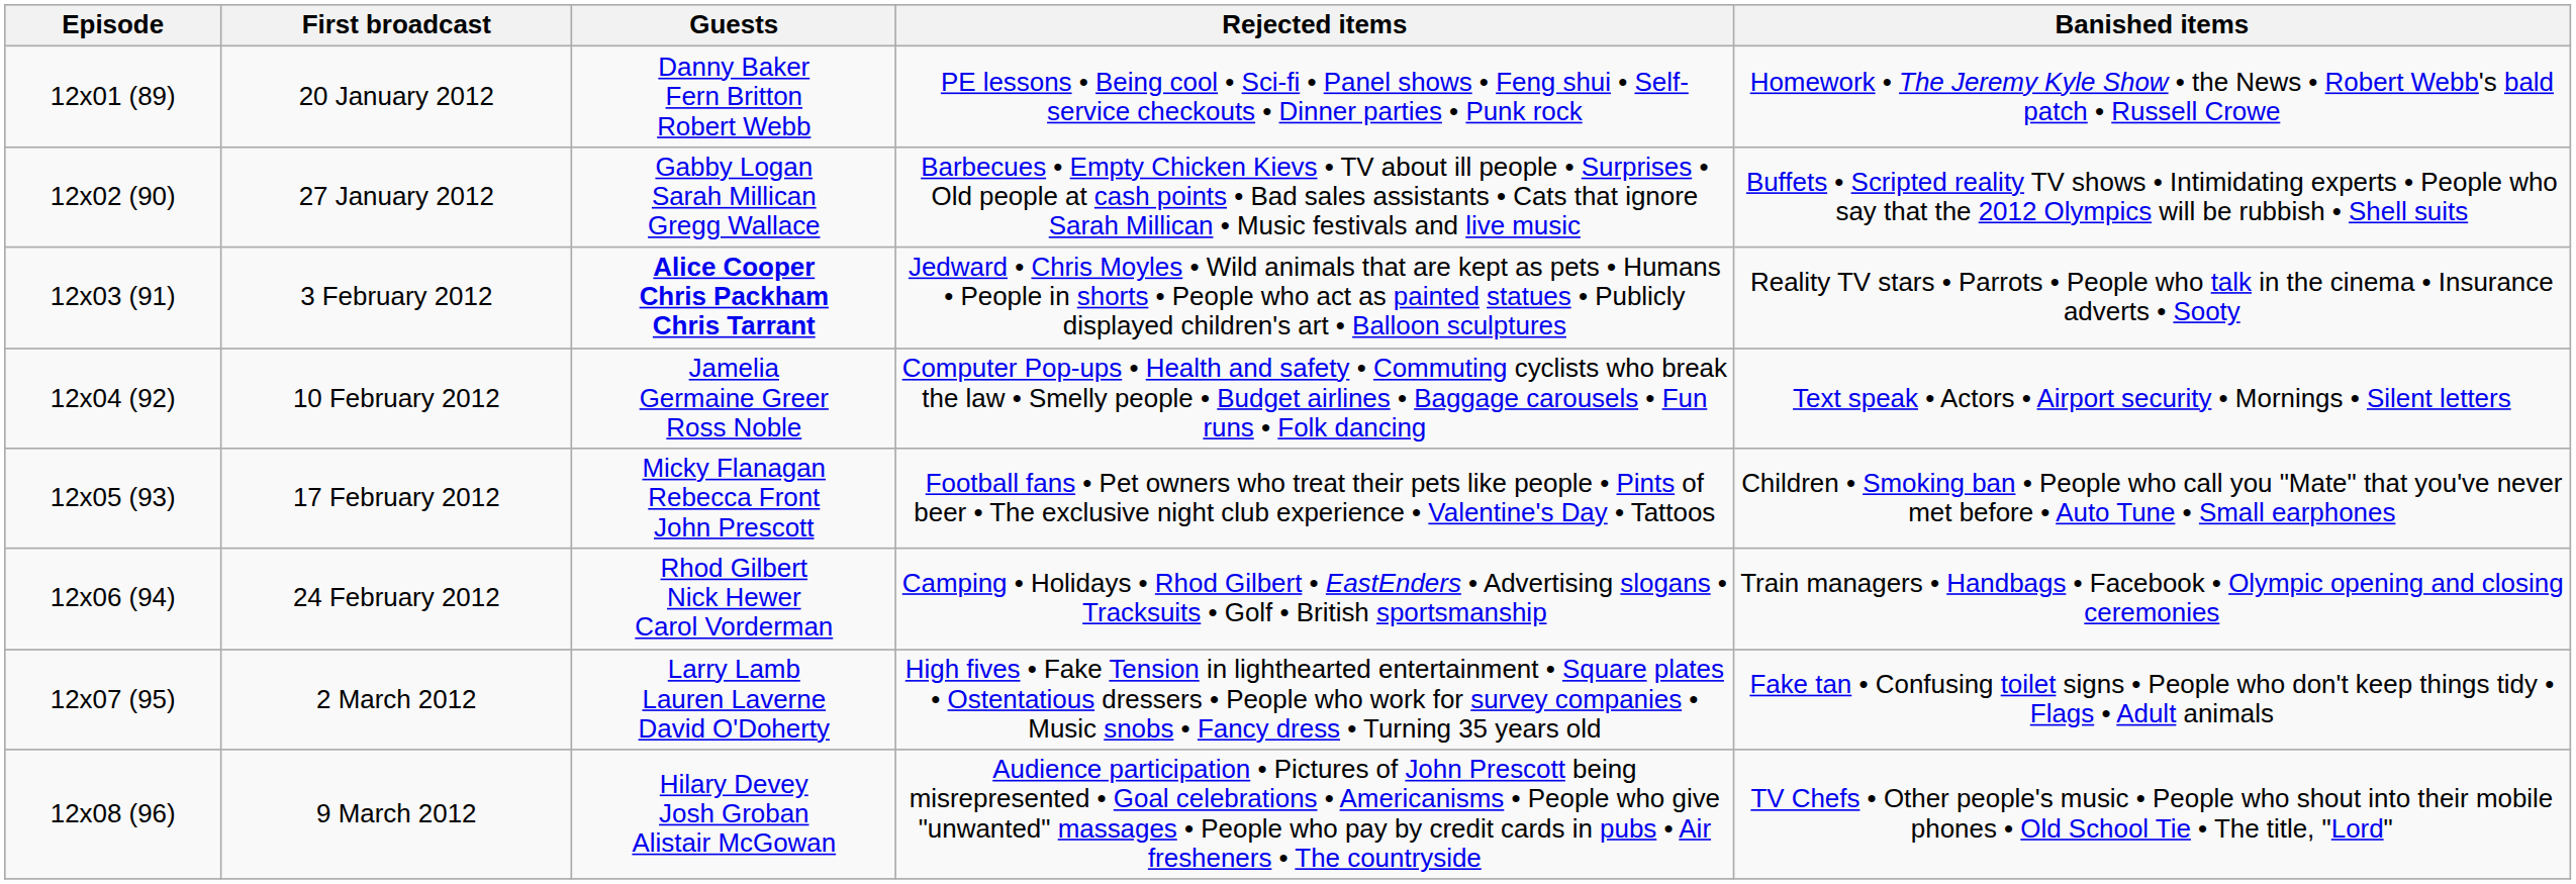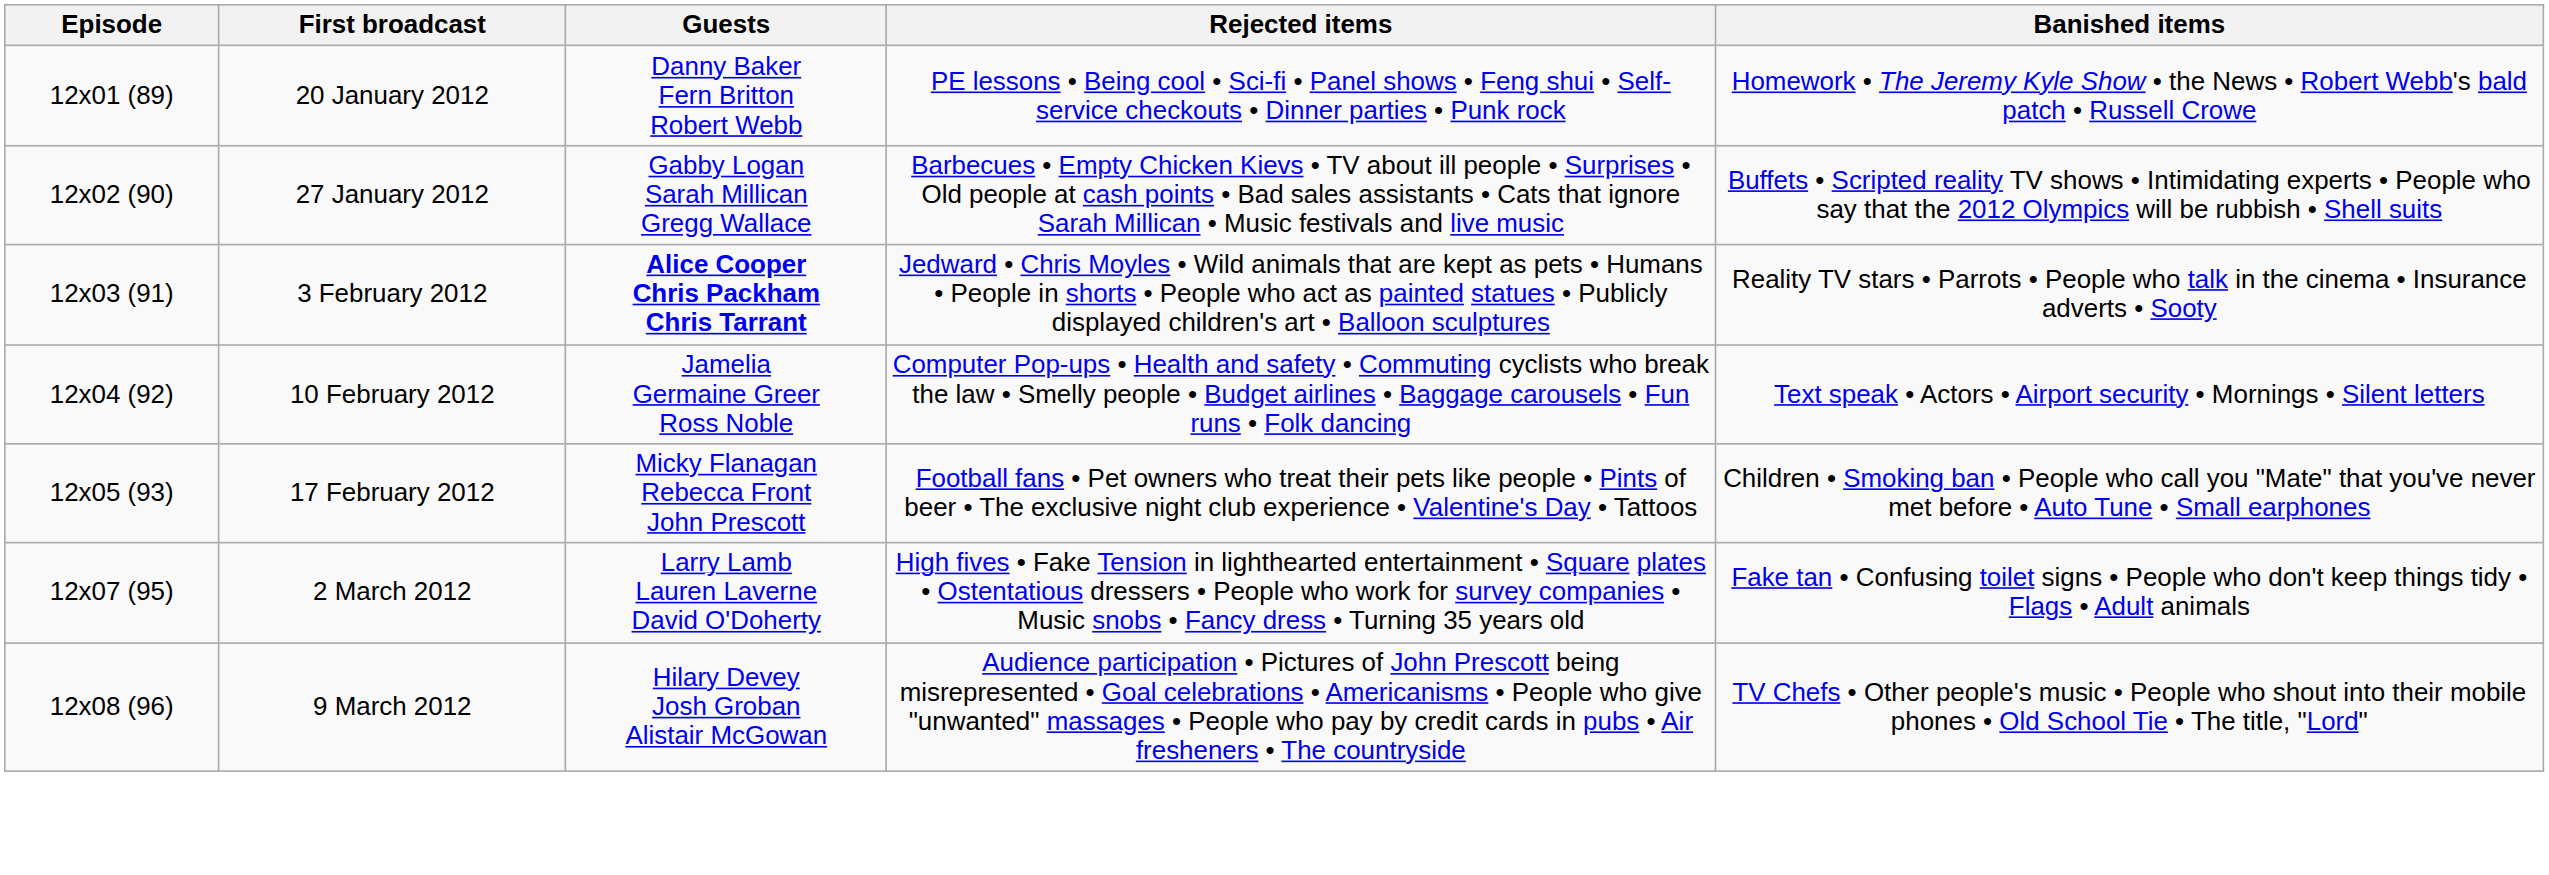 <table class="wikitable"  style="width:99%; left:0 auto; text-align:center;">
 <tr>
 <th style="width:8%;">Episode</th>
 <th style="width:13%;">First broadcast</th>
 <th style="width:12%;">Guests</th>
 <th style="width:31%;">Rejected items</th>
 <th style="width:31%;">Banished items</th>
 </tr>
 <tr>
 <td>12x01 (89)</td>
 <td>20 January 2012</td>
 <td><a href='#'>Danny Baker</a><br><a href='#'>Fern Britton</a><br><a href='#'>Robert Webb</a></td>
 <td><a href='#'>PE lessons</a> • <a href='#'>Being cool</a> • <a href='#'>Sci-fi</a> • <a href='#'>Panel shows</a> • <a href='#'>Feng shui</a> • <a href='#'>Self-service checkouts</a> • <a href='#'>Dinner parties</a> • <a href='#'>Punk rock</a></td>
 <td><a href='#'>Homework</a> • <em><a href='#'>The Jeremy Kyle Show</a></em> • the News • <a href='#'>Robert Webb</a>'s <a href='#'>bald patch</a> • <a href='#'>Russell Crowe</a></td>
 </tr>
 <tr>
 <td>12x02 (90)</td>
 <td>27 January 2012</td>
 <td><a href='#'>Gabby Logan</a><br><a href='#'>Sarah Millican</a><br><a href='#'>Gregg Wallace</a></td>
 <td><a href='#'>Barbecues</a> • <a href='#'>Empty Chicken Kievs</a> • TV about ill people • <a href='#'>Surprises</a> • Old people at <a href='#'>cash points</a> • Bad sales assistants • Cats that ignore <a href='#'>Sarah Millican</a> • Music festivals and <a href='#'>live music</a></td>
 <td><a href='#'>Buffets</a> • <a href='#'>Scripted reality</a> TV shows • Intimidating experts • People who say that the <a href='#'>2012 Olympics</a> will be rubbish • <a href='#'>Shell suits</a></td>
 </tr>
 <tr>
 <td>12x03 (91)</td>
 <td>3 February 2012</td>
 <td><strong><a href='#'>Alice Cooper</a><br><a href='#'>Chris Packham</a><br><a href='#'>Chris Tarrant</a></strong></td>
 <td><a href='#'>Jedward</a> • <a href='#'>Chris Moyles</a> • Wild animals that are kept as pets • Humans • People in <a href='#'>shorts</a> • People who act as <a href='#'>painted</a> <a href='#'>statues</a> • Publicly displayed children's art • <a href='#'>Balloon sculptures</a></td>
 <td>Reality TV stars • Parrots • People who <a href='#'>talk</a> in the cinema • Insurance adverts • <a href='#'>Sooty</a></td>
 </tr>
 <tr>
 <td>12x04 (92)</td>
 <td>10 February 2012</td>
 <td><a href='#'>Jamelia</a><br><a href='#'>Germaine Greer</a><br><a href='#'>Ross Noble</a></td>
 <td><a href='#'>Computer Pop-ups</a> • <a href='#'>Health and safety</a> • <a href='#'>Commuting</a> cyclists who break the law • Smelly people • <a href='#'>Budget airlines</a> • <a href='#'>Baggage carousels</a> • <a href='#'>Fun runs</a> • <a href='#'>Folk dancing</a></td>
 <td><a href='#'>Text speak</a> • Actors • <a href='#'>Airport security</a> • Mornings • <a href='#'>Silent letters</a></td>
 </tr>
 <tr>
 <td>12x05 (93)</td>
 <td>17 February 2012</td>
 <td><a href='#'>Micky Flanagan</a><br><a href='#'>Rebecca Front</a><br><a href='#'>John Prescott</a></td>
 <td><a href='#'>Football fans</a> • Pet owners who treat their pets like people • <a href='#'>Pints</a> of beer • The exclusive night club experience • <a href='#'>Valentine's Day</a> • Tattoos</td>
 <td>Children • <a href='#'>Smoking ban</a> • People who call you "Mate" that you've never met before • <a href='#'>Auto Tune</a> • <a href='#'>Small earphones</a></td>
 </tr>
 <tr>
-<td>12x06 (94)</td>
-<td>24 February 2012</td>
-<td><a href='#'>Rhod Gilbert</a><br><a href='#'>Nick Hewer</a><br><a href='#'>Carol Vorderman</a></td>
-<td><a href='#'>Camping</a> • Holidays • <a href='#'>Rhod Gilbert</a> • <em><a href='#'>EastEnders</a></em> • Advertising <a href='#'>slogans</a> • <a href='#'>Tracksuits</a> • Golf • British <a href='#'>sportsmanship</a></td>
-<td>Train managers • <a href='#'>Handbags</a> • Facebook • <a href='#'>Olympic opening and closing ceremonies</a></td>
-</tr>
-<tr>
 <td>12x07 (95)</td>
 <td>2 March 2012</td>
 <td><a href='#'>Larry Lamb</a><br><a href='#'>Lauren Laverne</a><br><a href='#'>David O'Doherty</a></td>
 <td><a href='#'>High fives</a> • Fake <a href='#'>Tension</a> in lighthearted entertainment • <a href='#'>Square</a> <a href='#'>plates</a> • <a href='#'>Ostentatious</a> dressers • People who work for <a href='#'>survey companies</a> • Music <a href='#'>snobs</a> • <a href='#'>Fancy dress</a> • Turning 35 years old</td>
 <td><a href='#'>Fake tan</a> • Confusing <a href='#'>toilet</a> signs • People who don't keep things tidy • <a href='#'>Flags</a> • <a href='#'>Adult</a> animals</td>
 </tr>
 <tr>
 <td>12x08 (96)</td>
 <td>9 March 2012</td>
 <td><a href='#'>Hilary Devey</a><br><a href='#'>Josh Groban</a><br><a href='#'>Alistair McGowan</a></td>
 <td><a href='#'>Audience participation</a> • Pictures of <a href='#'>John Prescott</a> being misrepresented • <a href='#'>Goal celebrations</a> • <a href='#'>Americanisms</a> • People who give "unwanted" <a href='#'>massages</a> • People who pay by credit cards in <a href='#'>pubs</a> • <a href='#'>Air fresheners</a> • <a href='#'>The countryside</a></td>
 <td><a href='#'>TV Chefs</a> • Other people's music • People who shout into their mobile phones • <a href='#'>Old School Tie</a> • The title, "<a href='#'>Lord</a>"</td>
 </tr>
 </table>
